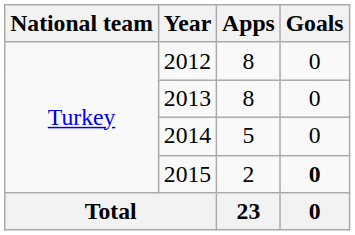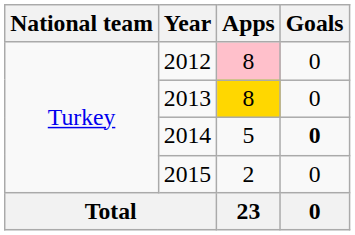 <table class="wikitable" style="text-align:center">
 <tr>
 <th>National team</th>
 <th>Year</th>
 <th>Apps</th>
 <th>Goals</th>
 </tr>
 <tr>
 <td rowspan="4"><a href='#'>Turkey</a></td>
 <td>2012</td>
-<td>8</td>
+<td style="background: pink;">8</td>
 <td>0</td>
 </tr>
 <tr>
 <td>2013</td>
-<td>8</td>
+<td style="background: gold;">8</td>
 <td>0</td>
 </tr>
 <tr>
 <td>2014</td>
 <td>5</td>
-<td>0</td>
+<td><strong>0</strong></td>
 </tr>
 <tr>
 <td>2015</td>
 <td>2</td>
-<td><strong>0</strong></td>
+<td>0</td>
 </tr>
 <tr>
 <th colspan="2">Total</th>
 <th>23</th>
 <th>0</th>
 </tr>
 </table>
